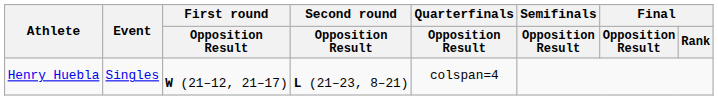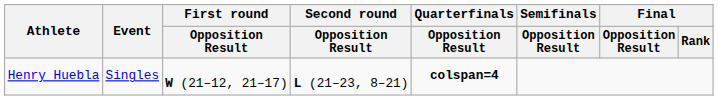 <table class=wikitable style=font-size:90%;text-align:center>
 <tr>
 <th rowspan=2>Athlete</th>
 <th rowspan=2>Event</th>
 <th>First round</th>
 <th>Second round</th>
 <th>Quarterfinals</th>
 <th>Semifinals</th>
 <th colspan=2>Final</th>
 </tr>
 <tr style=font-size:95%>
 <th>Opposition<br>Result</th>
 <th>Opposition<br>Result</th>
 <th>Opposition<br>Result</th>
 <th>Opposition<br>Result</th>
 <th>Opposition<br>Result</th>
 <th>Rank</th>
 </tr>
 <tr align=center>
 <td align=left><a href='#'>Henry Huebla</a></td>
 <td align=left rowspan=2><a href='#'>Singles</a></td>
 <td><br><strong>W</strong> (21–12, 21–17)</td>
 <td><br><strong>L</strong> (21–23, 8–21)</td>
-<td>colspan=4 </td>
+<td><strong>colspan=4 </strong></td>
 </tr>
 </table>
